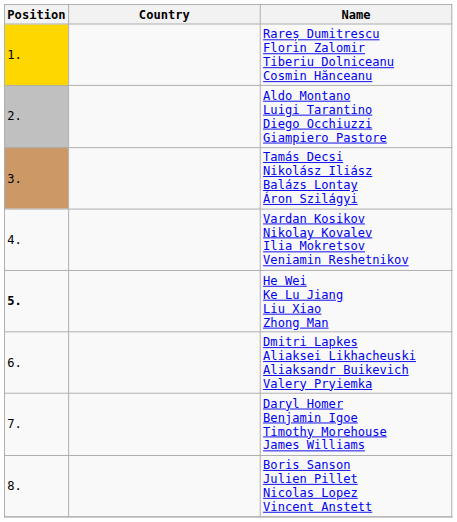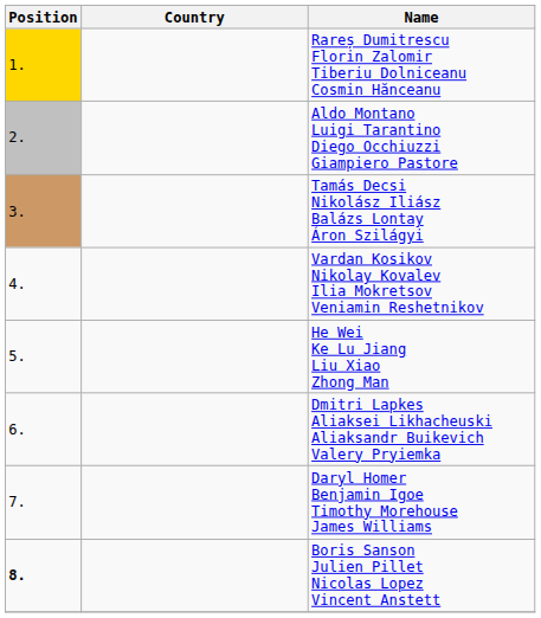 <table class="wikitable">
 <tr>
 <th width="10">Position</th>
 <th width="200">Country</th>
 <th width="200">Name</th>
 </tr>
 <tr>
 <td bgcolor="gold">1.</td>
 <td></td>
 <td><a href='#'>Rareș Dumitrescu</a> <br> <a href='#'>Florin Zalomir</a> <br> <a href='#'>Tiberiu Dolniceanu</a> <br> <a href='#'>Cosmin Hănceanu</a></td>
 </tr>
 <tr>
 <td bgcolor="silver">2.</td>
 <td></td>
 <td><a href='#'>Aldo Montano</a> <br> <a href='#'>Luigi Tarantino</a> <br> <a href='#'>Diego Occhiuzzi</a> <br> <a href='#'>Giampiero Pastore</a></td>
 </tr>
 <tr>
 <td bgcolor="#CC9966">3.</td>
 <td></td>
 <td><a href='#'>Tamás Decsi</a> <br> <a href='#'>Nikolász Iliász</a> <br> <a href='#'>Balázs Lontay</a> <br> <a href='#'>Áron Szilágyi</a></td>
 </tr>
 <tr>
 <td>4.</td>
 <td></td>
 <td><a href='#'>Vardan Kosikov</a> <br> <a href='#'>Nikolay Kovalev</a> <br> <a href='#'>Ilia Mokretsov</a> <br> <a href='#'>Veniamin Reshetnikov</a></td>
 </tr>
 <tr>
-<td><strong>5.</strong></td>
+<td>5.</td>
 <td></td>
 <td><a href='#'>He Wei</a> <br> <a href='#'>Ke Lu Jiang</a> <br> <a href='#'>Liu Xiao</a> <br> <a href='#'>Zhong Man</a></td>
 </tr>
 <tr>
 <td>6.</td>
 <td></td>
 <td><a href='#'>Dmitri Lapkes</a> <br> <a href='#'>Aliaksei Likhacheuski</a> <br> <a href='#'>Aliaksandr Buikevich</a> <br> <a href='#'>Valery Pryiemka</a></td>
 </tr>
 <tr>
 <td>7.</td>
 <td></td>
 <td><a href='#'>Daryl Homer</a> <br> <a href='#'>Benjamin Igoe</a> <br> <a href='#'>Timothy Morehouse</a> <br> <a href='#'>James Williams</a></td>
 </tr>
 <tr>
-<td>8.</td>
+<td><strong>8.</strong></td>
 <td></td>
 <td><a href='#'>Boris Sanson</a> <br> <a href='#'>Julien Pillet</a> <br> <a href='#'>Nicolas Lopez</a> <br> <a href='#'>Vincent Anstett</a></td>
 </tr>
 <tr>
 </tr>
 </table>
